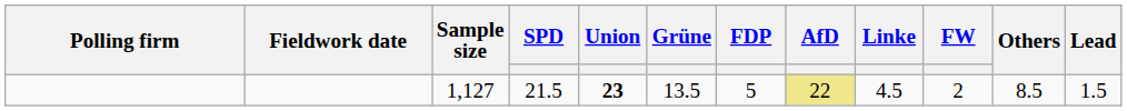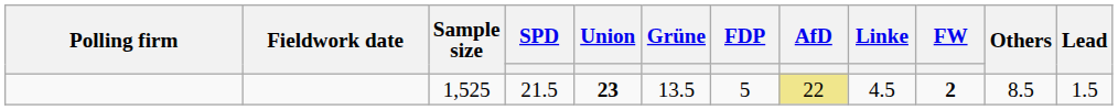 <table class="wikitable sortable mw-datatable mw-collapsible" style="text-align:center;font-size:90%;line-height:14px;">
 <tr style="height:40px;">
 <th style="width:155px;" rowspan="2">Polling firm</th>
 <th style="width:120px;" rowspan="2">Fieldwork date</th>
 <th style="width: 35px;" rowspan="2">Sample<br>size</th>
 <th class="unsortable" style="width:40px;"><a href='#'>SPD</a></th>
 <th class="unsortable" style="width:40px;"><a href='#'>Union</a></th>
 <th class="unsortable" style="width:40px;"><a href='#'>Grüne</a></th>
 <th class="unsortable" style="width:40px;"><a href='#'>FDP</a></th>
 <th class="unsortable" style="width:40px;"><a href='#'>AfD</a></th>
 <th class="unsortable" style="width:40px;"><a href='#'>Linke</a></th>
 <th class="unsortable" style="width:40px;"><a href='#'>FW</a></th>
 <th class="unsortable" style="width:30px;" rowspan="2">Others</th>
 <th style="width:30px;" rowspan="2">Lead</th>
 </tr>
 <tr>
 <th style="background:"></th>
 <th style="background:"></th>
 <th style="background:"></th>
 <th style="background:"></th>
 <th style="background:"></th>
 <th style="background:"></th>
 <th style="background:"></th>
 </tr>
 <tr>
 <td></td>
 <td></td>
-<td>1,127</td>
+<td>1,525</td>
 <td>21.5</td>
 <td><strong>23</strong></td>
 <td>13.5</td>
 <td>5</td>
 <td style="background: khaki;">22</td>
 <td>4.5</td>
-<td>2</td>
+<td><strong>2</strong></td>
 <td>8.5</td>
 <td style="background:">1.5</td>
 </tr>
 </table>
